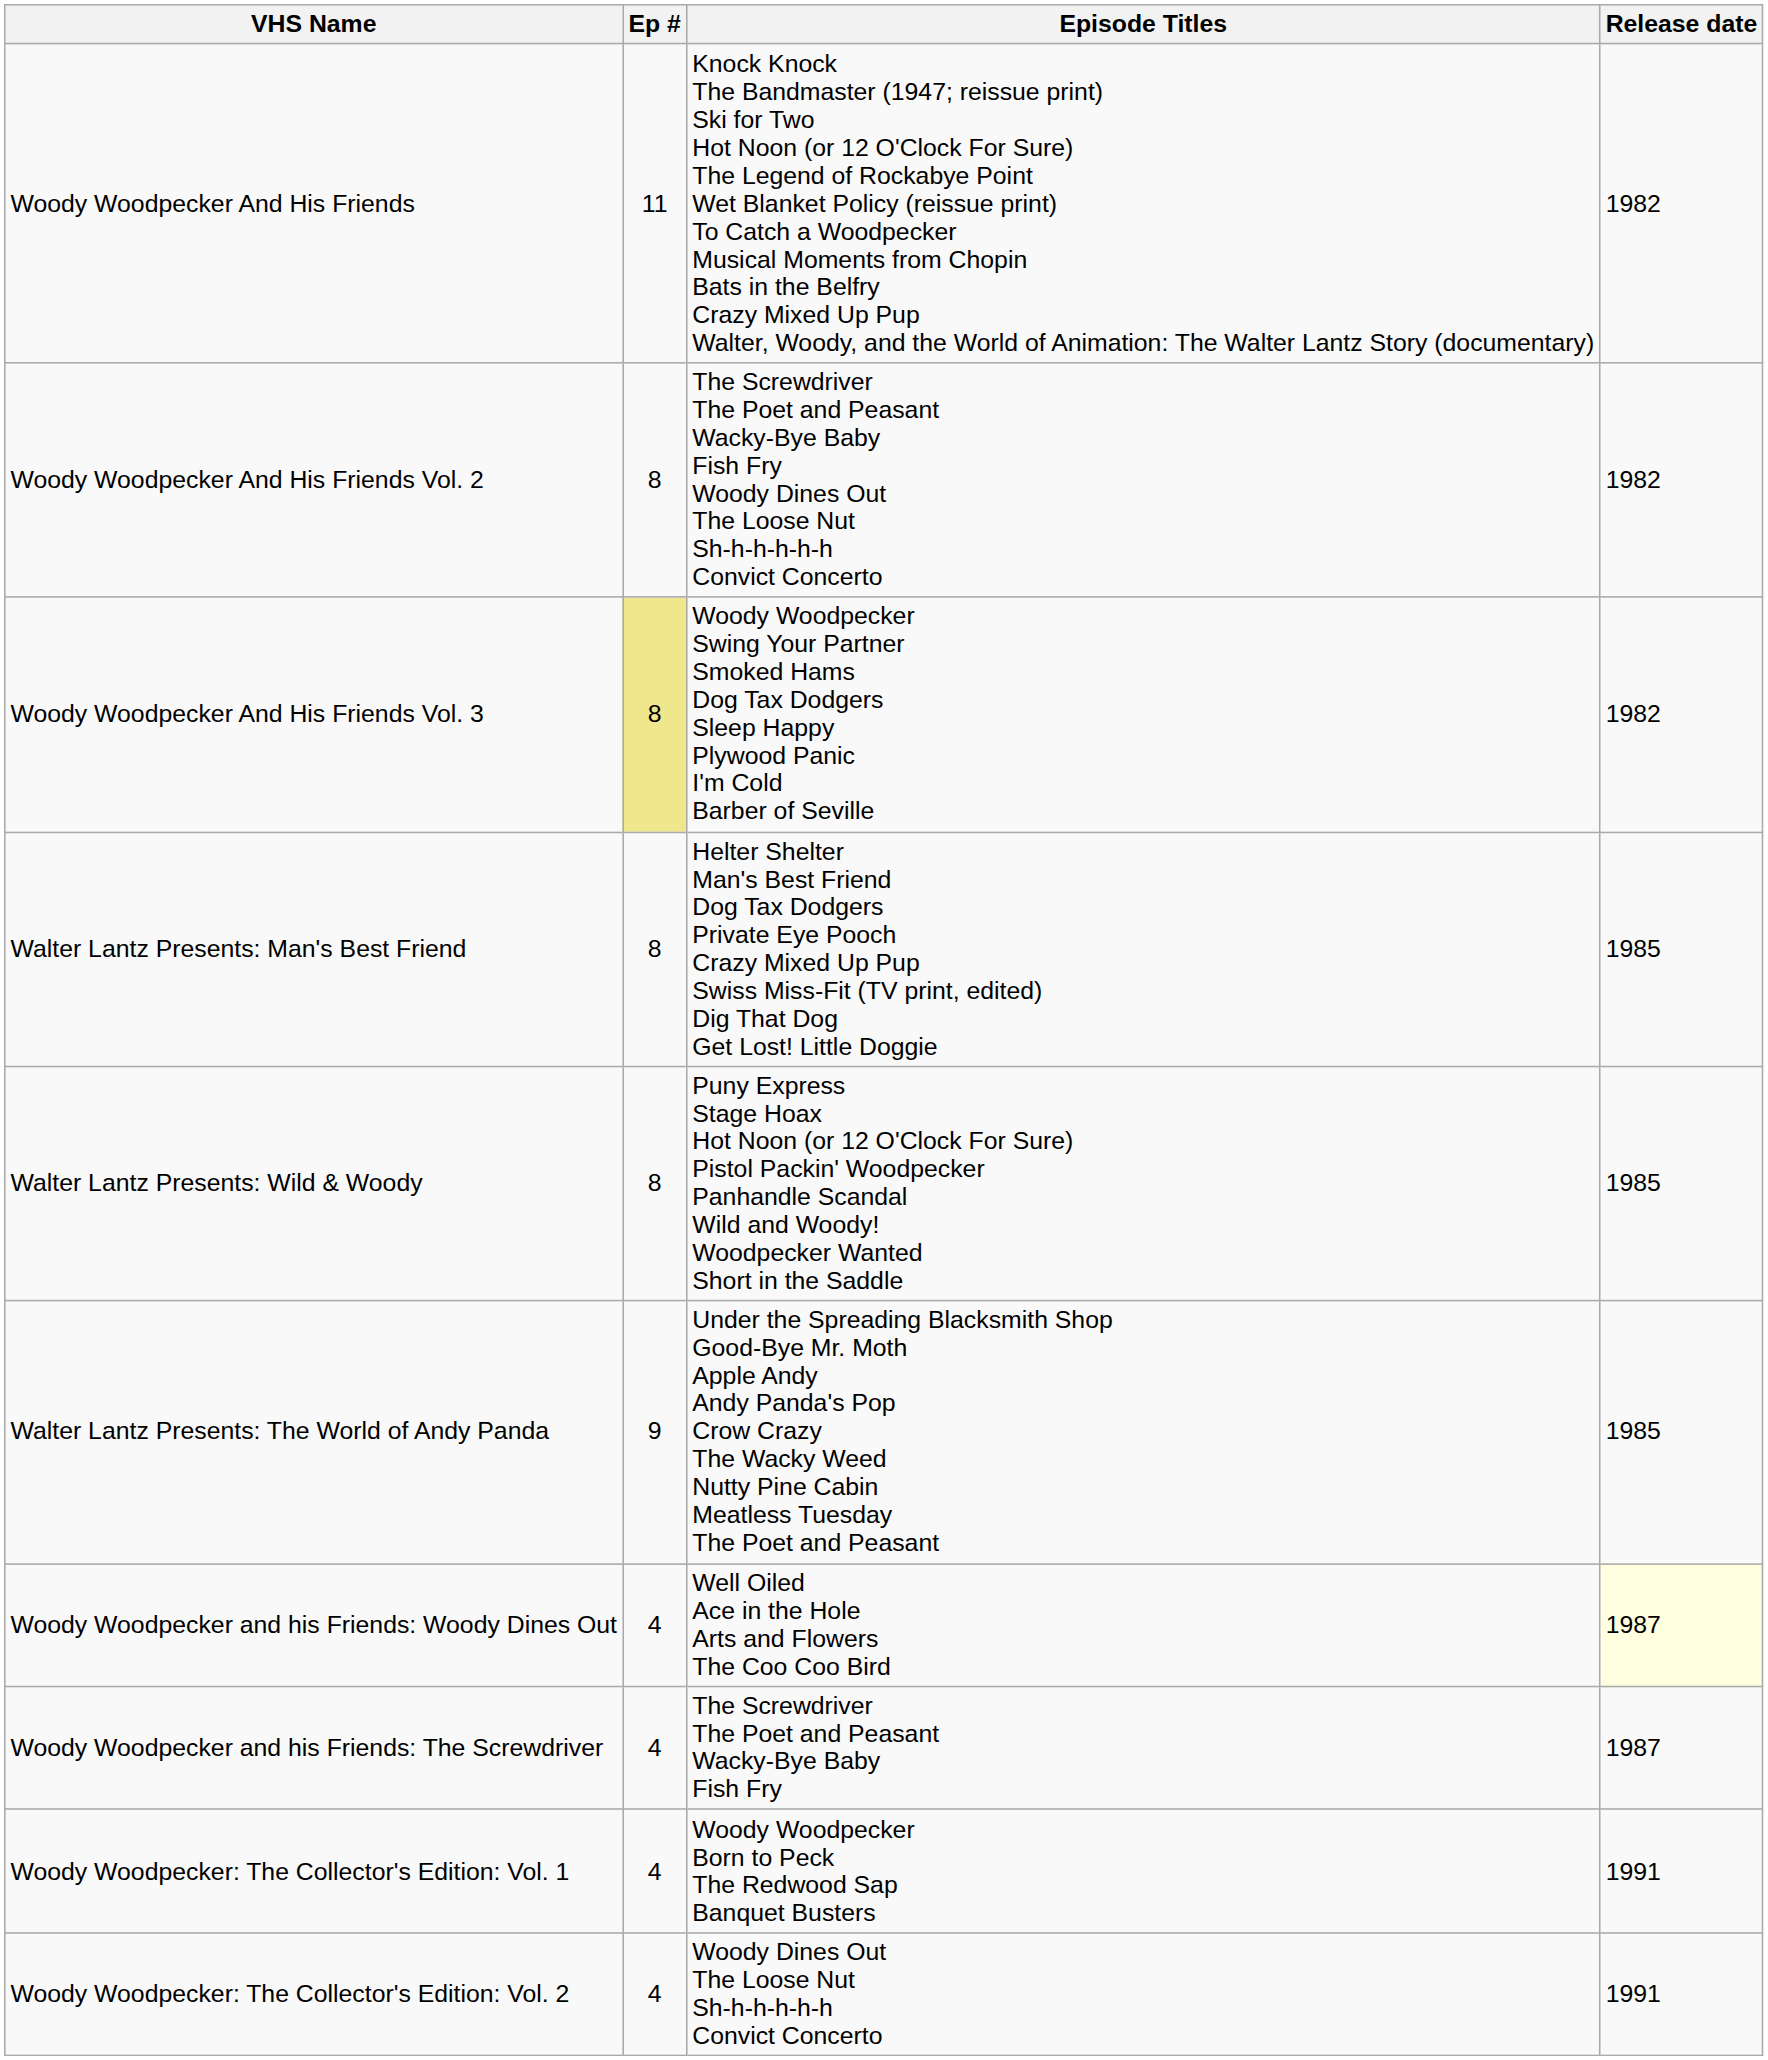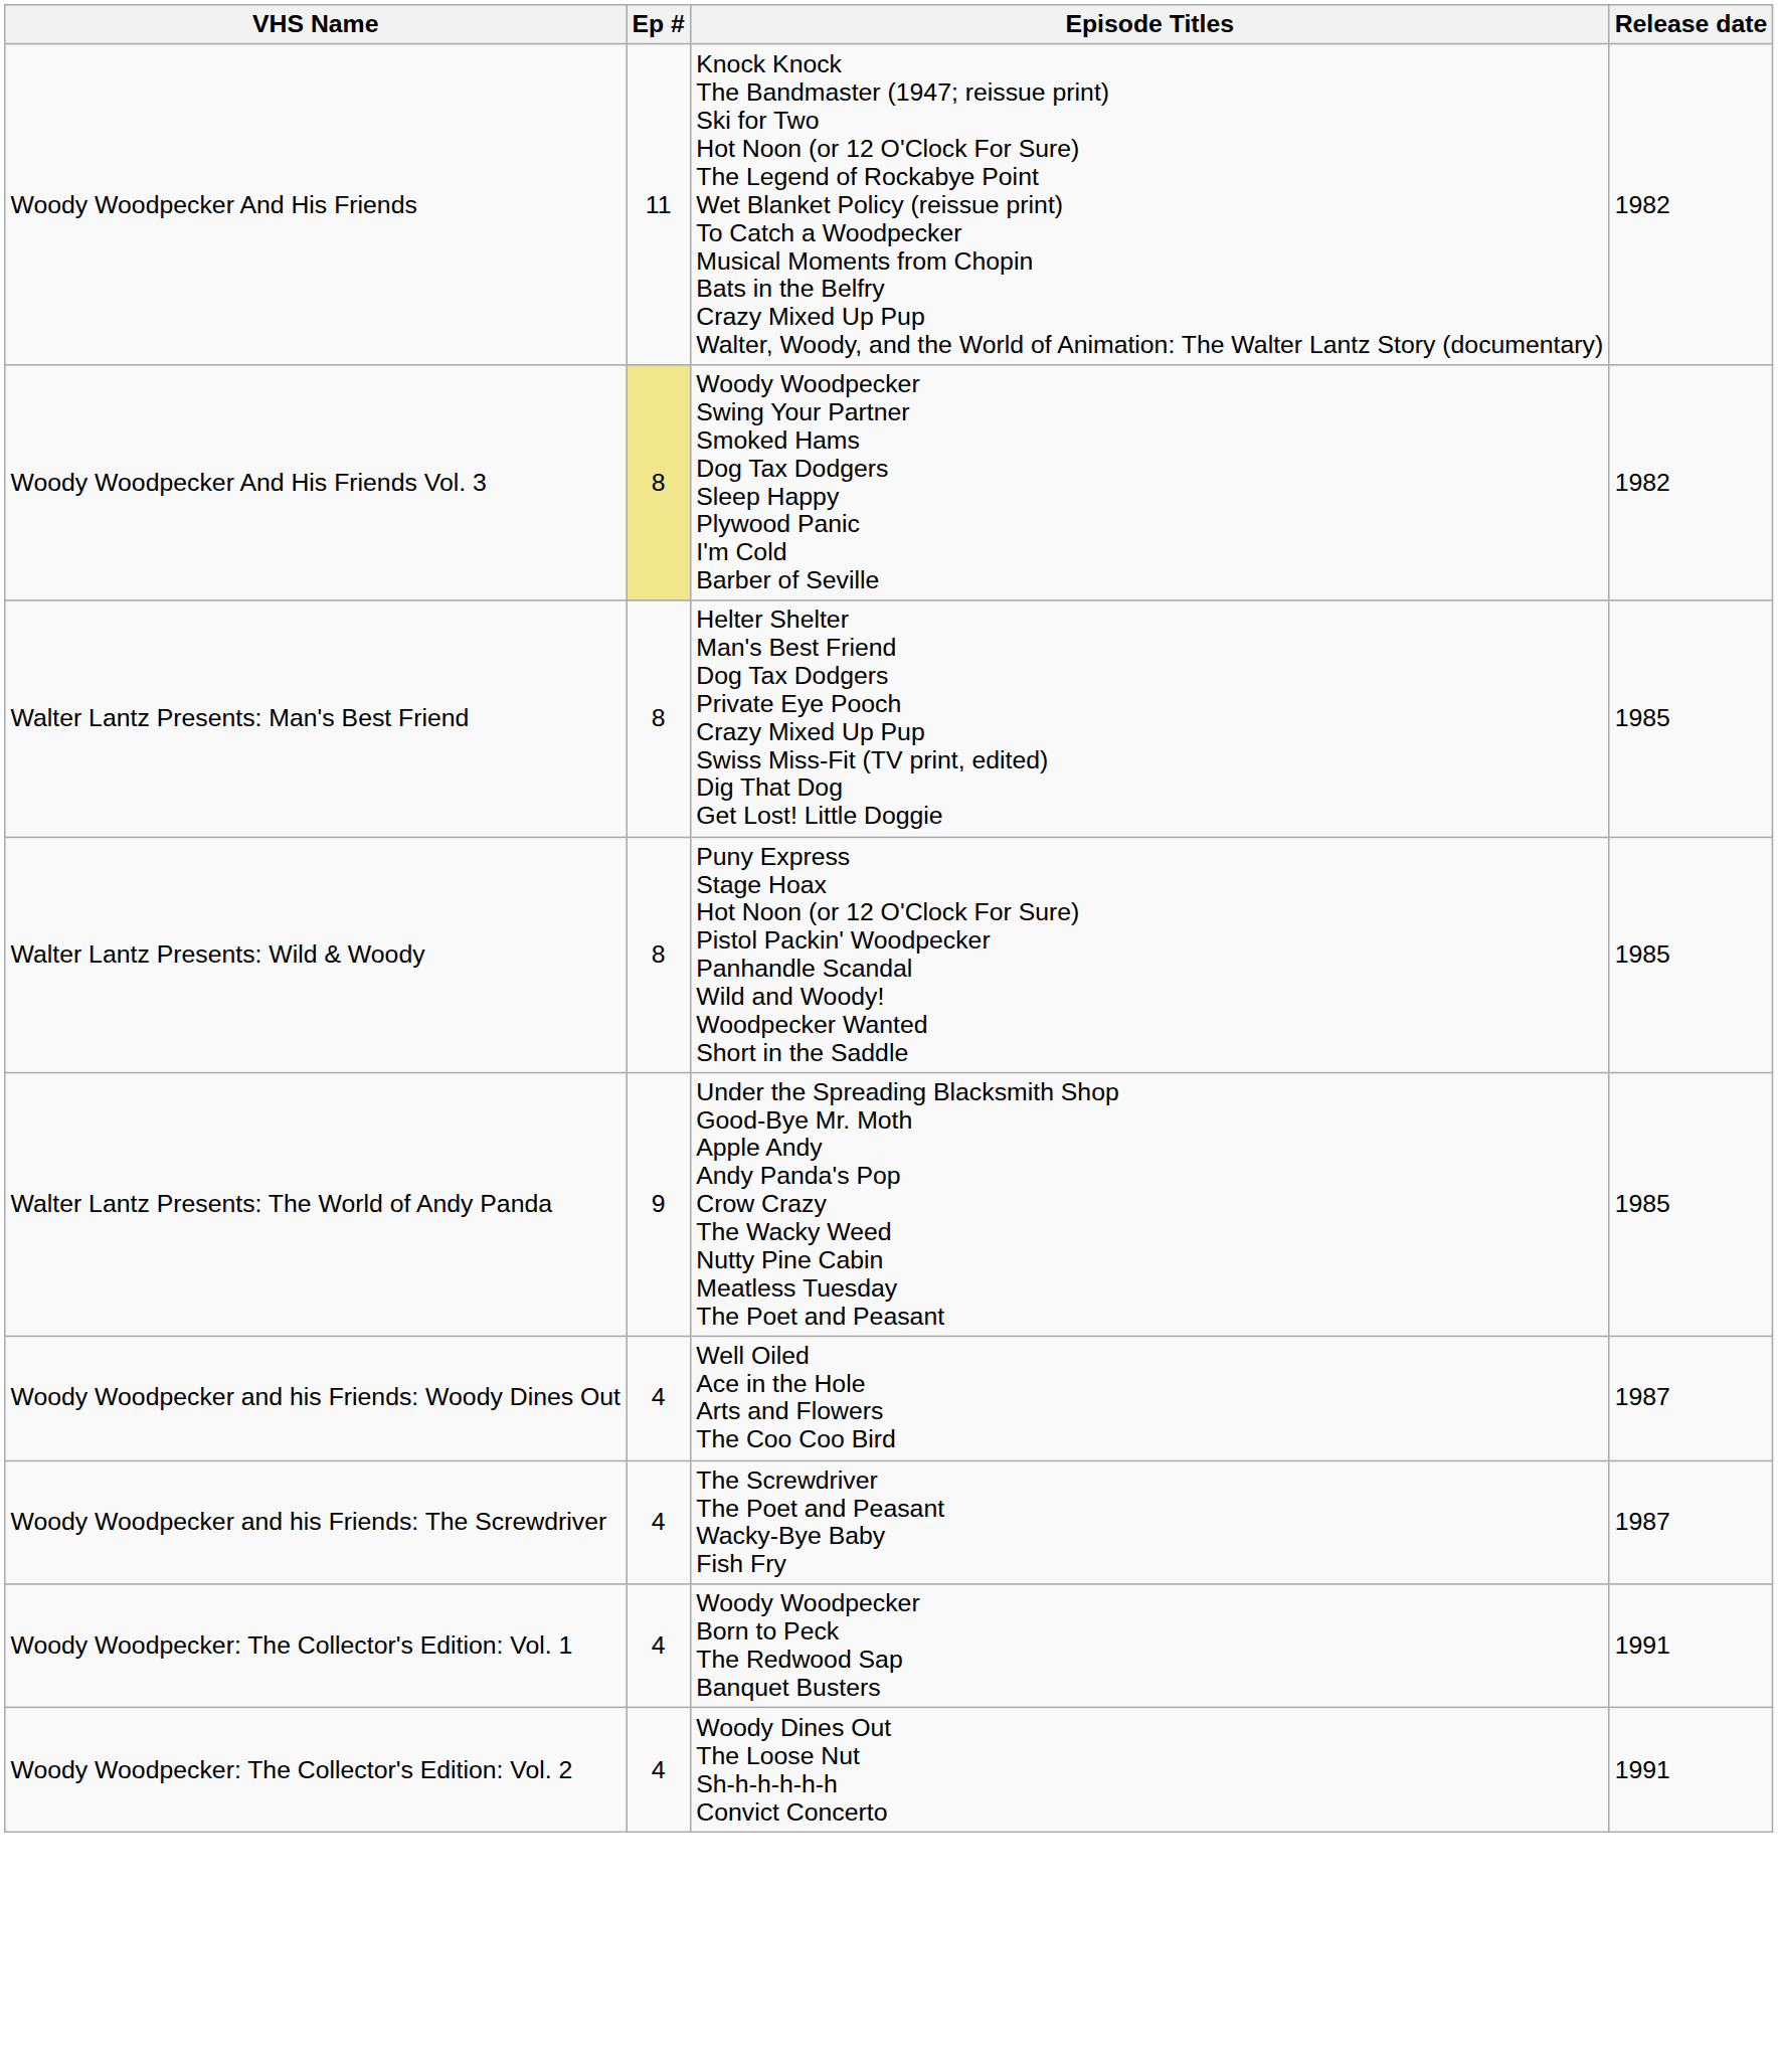 <table class="wikitable sortable">
 <tr>
 <th>VHS Name</th>
 <th>Ep #</th>
 <th>Episode Titles</th>
 <th>Release date</th>
 </tr>
 <tr>
 <td>Woody Woodpecker And His Friends</td>
 <td style="text-align:center;">11</td>
 <td>Knock Knock<br>The Bandmaster (1947; reissue print)<br>Ski for Two<br>Hot Noon (or 12 O'Clock For Sure)<br>The Legend of Rockabye Point<br>Wet Blanket Policy (reissue print)<br>To Catch a Woodpecker<br>Musical Moments from Chopin<br>Bats in the Belfry<br>Crazy Mixed Up Pup<br>Walter, Woody, and the World of Animation: The Walter Lantz Story (documentary)</td>
-<td>1982</td>
-</tr>
-<tr>
-<td>Woody Woodpecker And His Friends Vol. 2</td>
-<td style="text-align:center;">8</td>
-<td>The Screwdriver<br>The Poet and Peasant<br>Wacky-Bye Baby<br>Fish Fry<br>Woody Dines Out<br>The Loose Nut<br>Sh-h-h-h-h-h<br>Convict Concerto</td>
 <td>1982</td>
 </tr>
 <tr>
 <td>Woody Woodpecker And His Friends Vol. 3</td>
 <td style="background: khaki; text-align:center;">8</td>
 <td>Woody Woodpecker<br>Swing Your Partner<br>Smoked Hams<br>Dog Tax Dodgers<br>Sleep Happy<br>Plywood Panic<br>I'm Cold<br>Barber of Seville</td>
 <td>1982</td>
 </tr>
 <tr>
 <td>Walter Lantz Presents: Man's Best Friend</td>
 <td style="text-align:center;">8</td>
 <td>Helter Shelter<br>Man's Best Friend<br>Dog Tax Dodgers<br>Private Eye Pooch<br>Crazy Mixed Up Pup<br>Swiss Miss-Fit (TV print, edited)<br>Dig That Dog<br>Get Lost! Little Doggie</td>
 <td>1985</td>
 </tr>
 <tr>
 <td>Walter Lantz Presents: Wild & Woody</td>
 <td style="text-align:center;">8</td>
 <td>Puny Express<br>Stage Hoax<br>Hot Noon (or 12 O'Clock For Sure)<br>Pistol Packin' Woodpecker<br>Panhandle Scandal<br>Wild and Woody!<br>Woodpecker Wanted<br>Short in the Saddle</td>
 <td>1985</td>
 </tr>
 <tr>
 <td>Walter Lantz Presents: The World of Andy Panda</td>
 <td style="text-align:center;">9</td>
 <td>Under the Spreading Blacksmith Shop<br>Good-Bye Mr. Moth<br>Apple Andy<br>Andy Panda's Pop<br>Crow Crazy<br>The Wacky Weed<br>Nutty Pine Cabin<br>Meatless Tuesday<br>The Poet and Peasant</td>
 <td>1985</td>
 </tr>
 <tr>
 <td>Woody Woodpecker and his Friends: Woody Dines Out</td>
 <td style="text-align:center;">4</td>
 <td>Well Oiled<br>Ace in the Hole<br>Arts and Flowers<br>The Coo Coo Bird</td>
-<td style="background: lightyellow;">1987</td>
+<td>1987</td>
 </tr>
 <tr>
 <td>Woody Woodpecker and his Friends: The Screwdriver</td>
 <td style="text-align:center;">4</td>
 <td>The Screwdriver<br>The Poet and Peasant<br>Wacky-Bye Baby<br>Fish Fry</td>
 <td>1987</td>
 </tr>
 <tr>
 <td>Woody Woodpecker: The Collector's Edition: Vol. 1</td>
 <td style="text-align:center;">4</td>
 <td>Woody Woodpecker<br>Born to Peck<br>The Redwood Sap<br>Banquet Busters</td>
 <td>1991</td>
 </tr>
 <tr>
 <td>Woody Woodpecker: The Collector's Edition: Vol. 2</td>
 <td style="text-align:center;'">4</td>
 <td>Woody Dines Out<br>The Loose Nut<br>Sh-h-h-h-h-h<br>Convict Concerto</td>
 <td>1991</td>
 </tr>
 </table>
